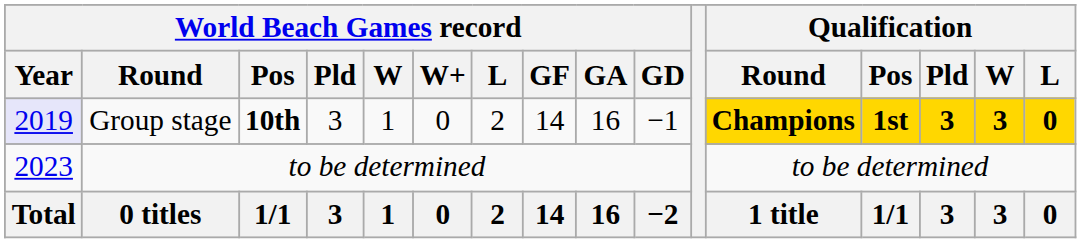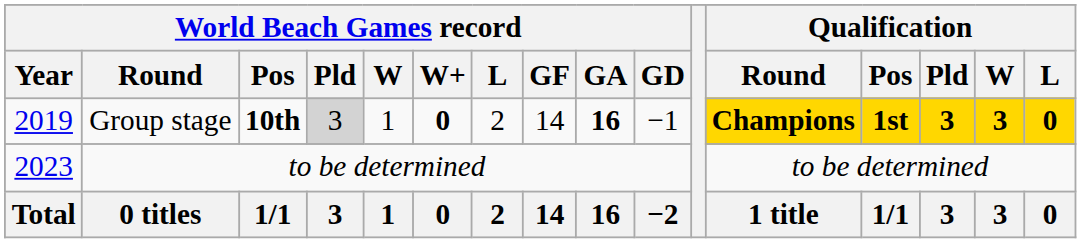 <table class="wikitable" style="text-align: center;">
 <tr>
 <th colspan=10><a href='#'>World Beach Games</a> record</th>
 <th rowspan=5></th>
 <th colspan=5>Qualification</th>
 </tr>
 <tr>
 <th>Year</th>
 <th>Round</th>
 <th width=20>Pos</th>
 <th width=20>Pld</th>
 <th width=20>W</th>
 <th width=20>W+</th>
 <th width=20>L</th>
 <th width=20>GF</th>
 <th width=20>GA</th>
 <th width=20>GD</th>
 <th>Round</th>
 <th width=20>Pos</th>
 <th width=20>Pld</th>
 <th width=20>W</th>
 <th width=20>L</th>
 </tr>
 <tr>
-<td style="background: lavender;"> <a href='#'>2019</a></td>
+<td> <a href='#'>2019</a></td>
 <td>Group stage</td>
 <td><strong>10th</strong></td>
-<td>3</td>
+<td style="background: lightgrey;">3</td>
 <td>1</td>
-<td>0</td>
+<td><strong>0</strong></td>
 <td>2</td>
 <td>14</td>
-<td>16</td>
+<td><strong>16</strong></td>
 <td>−1</td>
 <td bgcolor=gold><strong>Champions</strong></td>
 <td bgcolor=gold><strong>1st</strong></td>
 <td bgcolor=gold><strong>3</strong></td>
 <td bgcolor=gold><strong>3</strong></td>
 <td bgcolor=gold><strong>0</strong></td>
 </tr>
 <tr>
 <td> <a href='#'>2023</a></td>
 <td colspan=9><em>to be determined</em></td>
 <td colspan=5><em>to be determined</em></td>
 </tr>
 <tr>
 <th>Total</th>
 <th>0 titles</th>
 <th>1/1</th>
 <th>3</th>
 <th>1</th>
 <th>0</th>
 <th>2</th>
 <th>14</th>
 <th>16</th>
 <th>−2</th>
 <th>1 title</th>
 <th>1/1</th>
 <th>3</th>
 <th>3</th>
 <th>0</th>
 </tr>
 </table>
